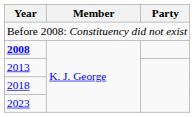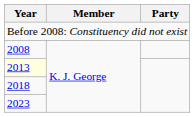 <table class="wikitable sortable">
 <tr>
 <th>Year</th>
 <th>Member</th>
 <th colspan=2>Party</th>
 </tr>
 <tr>
 <td colspan=4>Before 2008: <em>Constituency did not exist</em></td>
 </tr>
 <tr>
-<td><strong><a href='#'>2008</a></strong></td>
+<td><a href='#'>2008</a></td>
 <td rowspan=4><a href='#'>K. J. George</a></td>
 <td></td>
 </tr>
 <tr>
-<td><a href='#'>2013</a></td>
+<td style="background: lightyellow;"><a href='#'>2013</a></td>
 </tr>
 <tr>
 <td><a href='#'>2018</a></td>
 </tr>
 <tr>
 <td><a href='#'>2023</a></td>
 </tr>
 </table>
